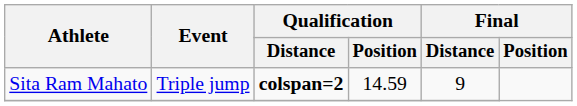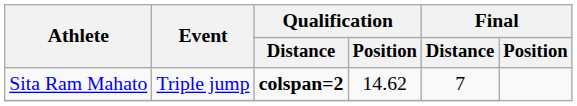 <table class=wikitable style=font-size:90%;text-align:center>
 <tr>
 <th rowspan=2>Athlete</th>
 <th rowspan=2>Event</th>
 <th colspan=2>Qualification</th>
 <th colspan=2>Final</th>
 </tr>
 <tr style=font-size:95%>
 <th>Distance</th>
 <th>Position</th>
 <th>Distance</th>
 <th>Position</th>
 </tr>
 <tr>
 <td align=left><a href='#'>Sita Ram Mahato</a></td>
 <td align=left><a href='#'>Triple jump</a></td>
 <td><strong>colspan=2 </strong></td>
-<td>14.59</td>
-<td>9</td>
+<td>14.62</td>
+<td>7</td>
 </tr>
 <tr>
 </tr>
 </table>
